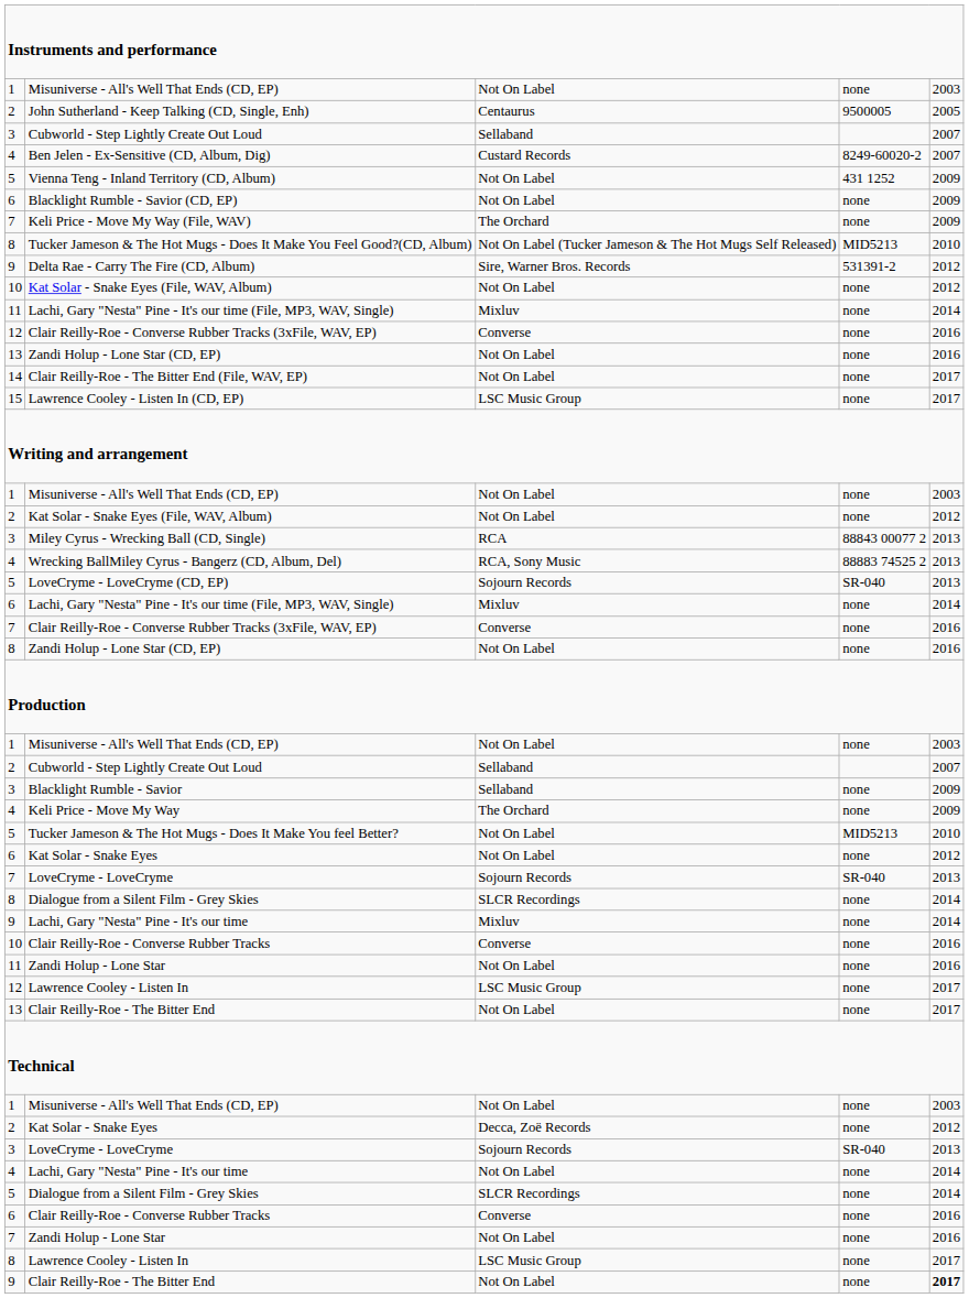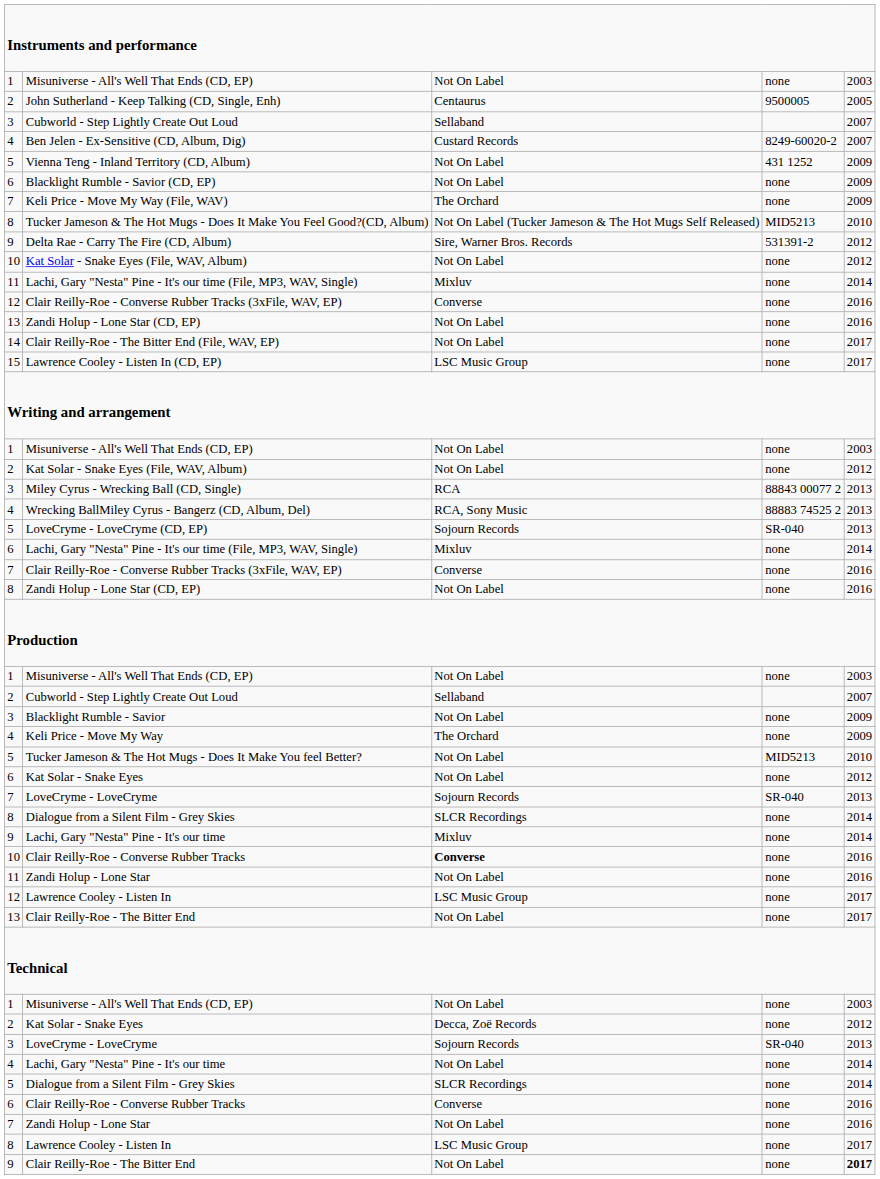 <table class="wikitable">
 <tr>
 <td colspan="96"><br><h3>Instruments and performance</h3></td>
 </tr>
 <tr>
 <td>1</td>
 <td>Misuniverse - All's Well That Ends (CD, EP)</td>
 <td>Not On Label</td>
 <td>none</td>
 <td>2003</td>
 </tr>
 <tr>
 <td>2</td>
 <td>John Sutherland - Keep Talking (CD, Single, Enh)</td>
 <td>Centaurus</td>
 <td>9500005</td>
 <td>2005</td>
 </tr>
 <tr>
 <td>3</td>
 <td>Cubworld - Step Lightly Create Out Loud</td>
 <td>Sellaband</td>
 <td></td>
 <td>2007</td>
 </tr>
 <tr>
 <td>4</td>
 <td>Ben Jelen - Ex-Sensitive (CD, Album, Dig)</td>
 <td>Custard Records</td>
 <td>8249-60020-2</td>
 <td>2007</td>
 </tr>
 <tr>
 <td>5</td>
 <td>Vienna Teng - Inland Territory (CD, Album)</td>
 <td>Not On Label</td>
 <td>431 1252</td>
 <td>2009</td>
 </tr>
 <tr>
 <td>6</td>
 <td>Blacklight Rumble - Savior (CD, EP)</td>
 <td>Not On Label</td>
 <td>none</td>
 <td>2009</td>
 </tr>
 <tr>
 <td>7</td>
 <td>Keli Price - Move My Way (File, WAV)</td>
 <td>The Orchard</td>
 <td>none</td>
 <td>2009</td>
 </tr>
 <tr>
 <td>8</td>
 <td>Tucker Jameson & The Hot Mugs - Does It Make You Feel Good?(CD, Album)</td>
 <td>Not On Label (Tucker Jameson & The Hot Mugs Self Released)</td>
 <td>MID5213</td>
 <td>2010</td>
 </tr>
 <tr>
 <td>9</td>
 <td>Delta Rae - Carry The Fire (CD, Album)</td>
 <td>Sire, Warner Bros. Records</td>
 <td>531391-2</td>
 <td>2012</td>
 </tr>
 <tr>
 <td>10</td>
 <td><a href='#'>Kat Solar</a> - Snake Eyes (File, WAV, Album)</td>
 <td>Not On Label</td>
 <td>none</td>
 <td>2012</td>
 </tr>
 <tr>
 <td>11</td>
 <td>Lachi, Gary "Nesta" Pine - It's our time (File, MP3, WAV, Single)</td>
 <td>Mixluv</td>
 <td>none</td>
 <td>2014</td>
 </tr>
 <tr>
 <td>12</td>
 <td>Clair Reilly-Roe - Converse Rubber Tracks (3xFile, WAV, EP)</td>
 <td>Converse</td>
 <td>none</td>
 <td>2016</td>
 </tr>
 <tr>
 <td>13</td>
 <td>Zandi Holup - Lone Star (CD, EP)</td>
 <td>Not On Label</td>
 <td>none</td>
 <td>2016</td>
 </tr>
 <tr>
 <td>14</td>
 <td>Clair Reilly-Roe - The Bitter End (File, WAV, EP)</td>
 <td>Not On Label</td>
 <td>none</td>
 <td>2017</td>
 </tr>
 <tr>
 <td>15</td>
 <td>Lawrence Cooley - Listen In (CD, EP)</td>
 <td>LSC Music Group</td>
 <td>none</td>
 <td>2017</td>
 </tr>
 <tr>
 <td colspan="96"><br><h3>Writing and arrangement</h3></td>
 </tr>
 <tr>
 <td>1</td>
 <td>Misuniverse - All's Well That Ends (CD, EP)</td>
 <td>Not On Label</td>
 <td>none</td>
 <td>2003</td>
 </tr>
 <tr>
 <td>2</td>
 <td>Kat Solar - Snake Eyes (File, WAV, Album)</td>
 <td>Not On Label</td>
 <td>none</td>
 <td>2012</td>
 </tr>
 <tr>
 <td>3</td>
 <td>Miley Cyrus - Wrecking Ball (CD, Single)</td>
 <td>RCA</td>
 <td>88843 00077 2</td>
 <td>2013</td>
 </tr>
 <tr>
 <td>4</td>
 <td>Wrecking BallMiley Cyrus - Bangerz (CD, Album, Del)</td>
 <td>RCA, Sony Music</td>
 <td>88883 74525 2</td>
 <td>2013</td>
 </tr>
 <tr>
 <td>5</td>
 <td>LoveCryme - LoveCryme (CD, EP)</td>
 <td>Sojourn Records</td>
 <td>SR-040</td>
 <td>2013</td>
 </tr>
 <tr>
 <td>6</td>
 <td>Lachi, Gary "Nesta" Pine - It's our time (File, MP3, WAV, Single)</td>
 <td>Mixluv</td>
 <td>none</td>
 <td>2014</td>
 </tr>
 <tr>
 <td>7</td>
 <td>Clair Reilly-Roe - Converse Rubber Tracks (3xFile, WAV, EP)</td>
 <td>Converse</td>
 <td>none</td>
 <td>2016</td>
 </tr>
 <tr>
 <td>8</td>
 <td>Zandi Holup - Lone Star (CD, EP)</td>
 <td>Not On Label</td>
 <td>none</td>
 <td>2016</td>
 </tr>
 <tr>
 <td colspan="96"><br><h3>Production</h3></td>
 </tr>
 <tr>
 <td>1</td>
 <td>Misuniverse - All's Well That Ends (CD, EP)</td>
 <td>Not On Label</td>
 <td>none</td>
 <td>2003</td>
 </tr>
 <tr>
 <td>2</td>
 <td>Cubworld - Step Lightly Create Out Loud</td>
 <td>Sellaband</td>
 <td></td>
 <td>2007</td>
 </tr>
 <tr>
 <td>3</td>
 <td>Blacklight Rumble - Savior</td>
-<td>Sellaband</td>
+<td>Not On Label</td>
 <td>none</td>
 <td>2009</td>
 </tr>
 <tr>
 <td>4</td>
 <td>Keli Price - Move My Way</td>
 <td>The Orchard</td>
 <td>none</td>
 <td>2009</td>
 </tr>
 <tr>
 <td>5</td>
 <td>Tucker Jameson & The Hot Mugs - Does It Make You feel Better?</td>
 <td>Not On Label</td>
 <td>MID5213</td>
 <td>2010</td>
 </tr>
 <tr>
 <td>6</td>
 <td>Kat Solar - Snake Eyes</td>
 <td>Not On Label</td>
 <td>none</td>
 <td>2012</td>
 </tr>
 <tr>
 <td>7</td>
 <td>LoveCryme - LoveCryme</td>
 <td>Sojourn Records</td>
 <td>SR-040</td>
 <td>2013</td>
 </tr>
 <tr>
 <td>8</td>
 <td>Dialogue from a Silent Film - Grey Skies</td>
 <td>SLCR Recordings</td>
 <td>none</td>
 <td>2014</td>
 </tr>
 <tr>
 <td>9</td>
 <td>Lachi, Gary "Nesta" Pine - It's our time</td>
 <td>Mixluv</td>
 <td>none</td>
 <td>2014</td>
 </tr>
 <tr>
 <td>10</td>
 <td>Clair Reilly-Roe - Converse Rubber Tracks</td>
-<td>Converse</td>
+<td><strong>Converse</strong></td>
 <td>none</td>
 <td>2016</td>
 </tr>
 <tr>
 <td>11</td>
 <td>Zandi Holup - Lone Star</td>
 <td>Not On Label</td>
 <td>none</td>
 <td>2016</td>
 </tr>
 <tr>
 <td>12</td>
 <td>Lawrence Cooley - Listen In</td>
 <td>LSC Music Group</td>
 <td>none</td>
 <td>2017</td>
 </tr>
 <tr>
 <td>13</td>
 <td>Clair Reilly-Roe - The Bitter End</td>
 <td>Not On Label</td>
 <td>none</td>
 <td>2017</td>
 </tr>
 <tr>
 <td colspan="96"><br><h3>Technical</h3></td>
 </tr>
 <tr>
 <td>1</td>
 <td>Misuniverse - All's Well That Ends (CD, EP)</td>
 <td>Not On Label</td>
 <td>none</td>
 <td>2003</td>
 </tr>
 <tr>
 <td>2</td>
 <td>Kat Solar - Snake Eyes</td>
 <td>Decca, Zoë Records</td>
 <td>none</td>
 <td>2012</td>
 </tr>
 <tr>
 <td>3</td>
 <td>LoveCryme - LoveCryme</td>
 <td>Sojourn Records</td>
 <td>SR-040</td>
 <td>2013</td>
 </tr>
 <tr>
 <td>4</td>
 <td>Lachi, Gary "Nesta" Pine - It's our time</td>
 <td>Not On Label</td>
 <td>none</td>
 <td>2014</td>
 </tr>
 <tr>
 <td>5</td>
 <td>Dialogue from a Silent Film - Grey Skies</td>
 <td>SLCR Recordings</td>
 <td>none</td>
 <td>2014</td>
 </tr>
 <tr>
 <td>6</td>
 <td>Clair Reilly-Roe - Converse Rubber Tracks</td>
 <td>Converse</td>
 <td>none</td>
 <td>2016</td>
 </tr>
 <tr>
 <td>7</td>
 <td>Zandi Holup - Lone Star</td>
 <td>Not On Label</td>
 <td>none</td>
 <td>2016</td>
 </tr>
 <tr>
 <td>8</td>
 <td>Lawrence Cooley - Listen In</td>
 <td>LSC Music Group</td>
 <td>none</td>
 <td>2017</td>
 </tr>
 <tr>
 <td>9</td>
 <td>Clair Reilly-Roe - The Bitter End</td>
 <td>Not On Label</td>
 <td>none</td>
 <td><strong>2017</strong></td>
 </tr>
 </table>
